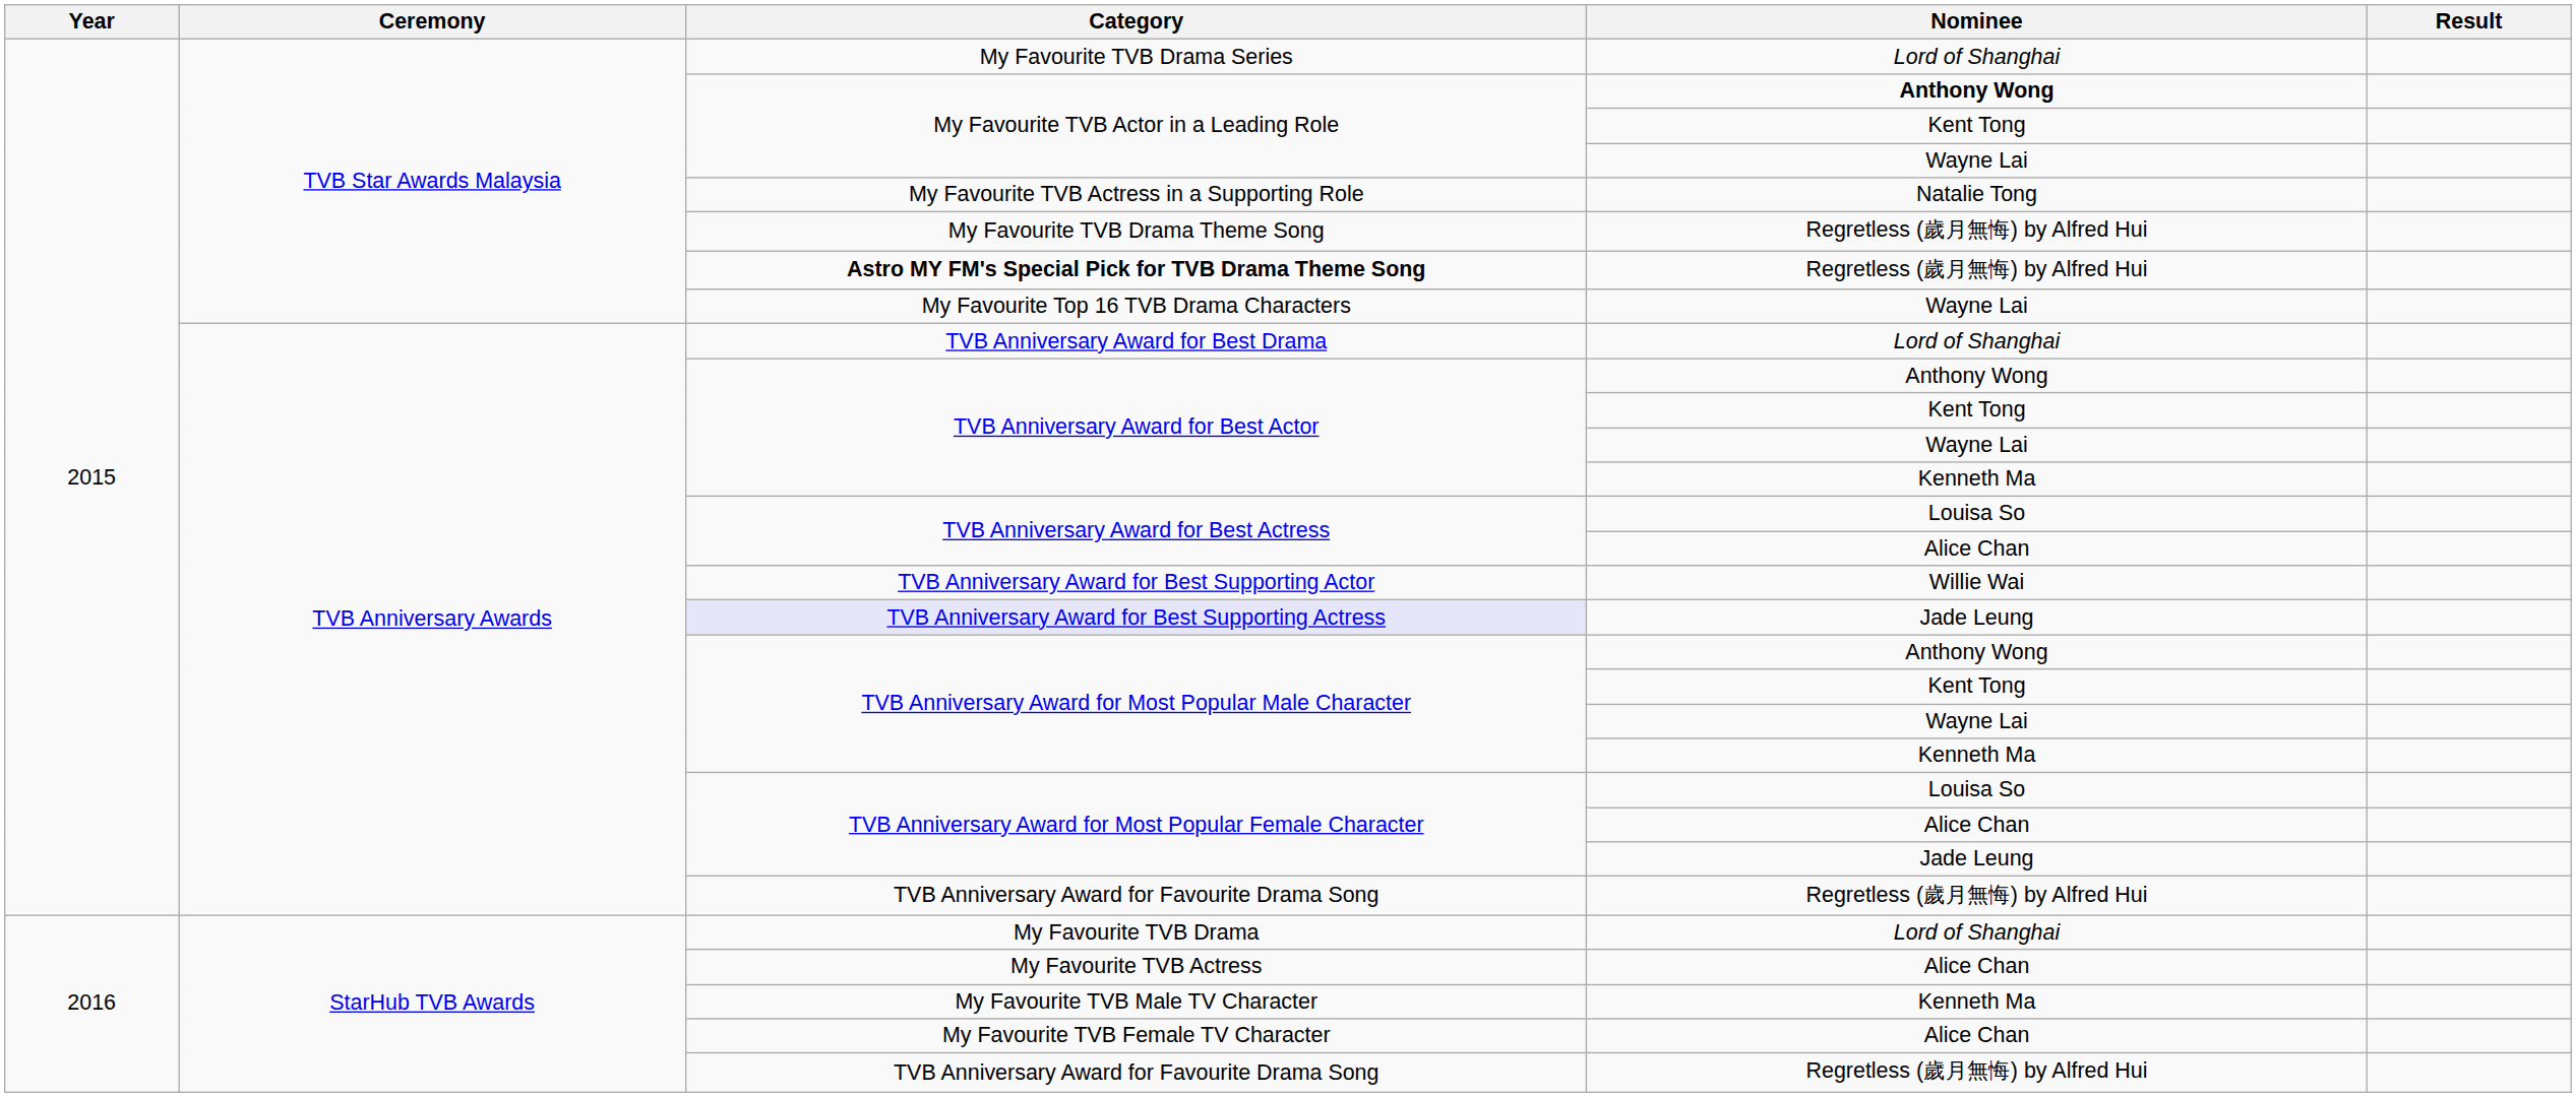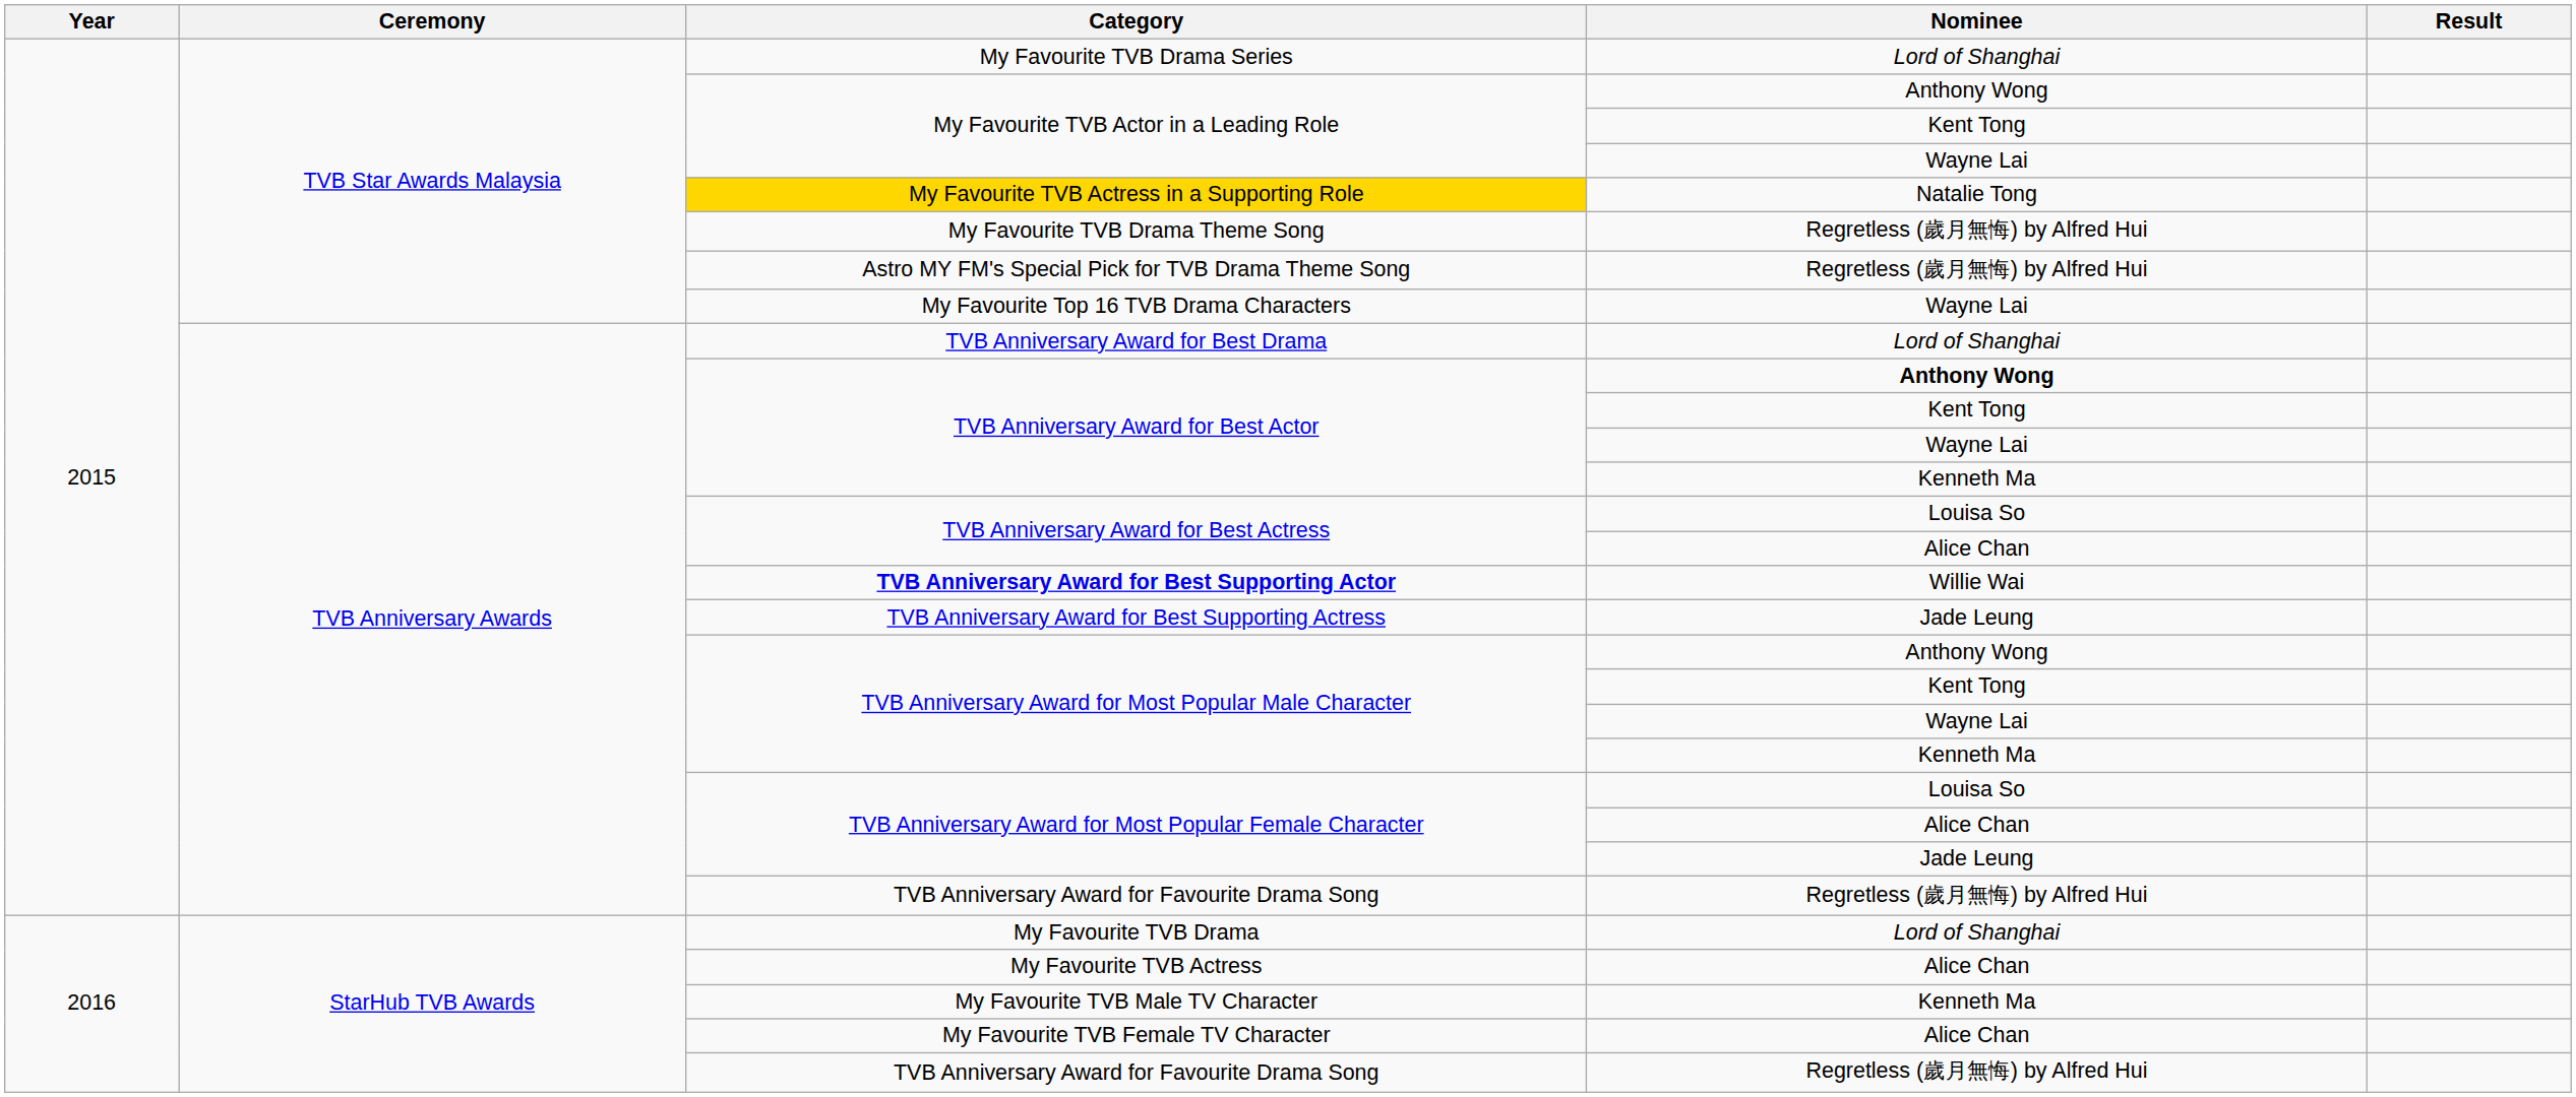 <table class="wikitable" style="width:95%;">
 <tr>
 <th style="width:50px;">Year</th>
 <th style="width:160px;">Ceremony</th>
 <th style="width:290px;">Category</th>
 <th style="width:250px;">Nominee</th>
 <th style="width:60px;">Result</th>
 </tr>
 <tr>
 <td align="center" rowspan=25>2015</td>
 <td align="center" rowspan=8><a href='#'>TVB Star Awards Malaysia</a></td>
 <td align="center">My Favourite TVB Drama Series</td>
 <td align="center"><em>Lord of Shanghai</em></td>
 <td></td>
 </tr>
 <tr>
 <td rowspan= 3 align="center">My Favourite TVB Actor in a Leading Role</td>
-<td align="center"><strong>Anthony Wong</strong></td>
+<td align="center">Anthony Wong</td>
 <td></td>
 </tr>
 <tr>
 <td align="center">Kent Tong</td>
 <td></td>
 </tr>
 <tr>
 <td align="center">Wayne Lai</td>
 <td></td>
 </tr>
 <tr>
-<td align="center">My Favourite TVB Actress in a Supporting Role</td>
+<td align="center" style="background: gold;">My Favourite TVB Actress in a Supporting Role</td>
 <td align="center">Natalie Tong</td>
 <td></td>
 </tr>
 <tr>
 <td align="center">My Favourite TVB Drama Theme Song</td>
 <td align="center">Regretless (歲月無悔) by Alfred Hui</td>
 <td></td>
 </tr>
 <tr>
-<td align="center"><strong>Astro MY FM's Special Pick for TVB Drama Theme Song</strong></td>
+<td align="center">Astro MY FM's Special Pick for TVB Drama Theme Song</td>
 <td align="center">Regretless (歲月無悔) by Alfred Hui</td>
 <td></td>
 </tr>
 <tr>
 <td align="center">My Favourite Top 16 TVB Drama Characters</td>
 <td align="center">Wayne Lai</td>
 <td></td>
 </tr>
 <tr>
 <td align="center" rowspan=17><a href='#'>TVB Anniversary Awards</a></td>
 <td align="center"><a href='#'>TVB Anniversary Award for Best Drama</a></td>
 <td align="center"><em>Lord of Shanghai</em></td>
 <td></td>
 </tr>
 <tr>
 <td rowspan= 4 align="center"><a href='#'>TVB Anniversary Award for Best Actor</a></td>
-<td align="center">Anthony Wong</td>
+<td align="center"><strong>Anthony Wong</strong></td>
 <td></td>
 </tr>
 <tr>
 <td align="center">Kent Tong</td>
 <td></td>
 </tr>
 <tr>
 <td align="center">Wayne Lai</td>
 <td></td>
 </tr>
 <tr>
 <td align="center">Kenneth Ma</td>
 <td></td>
 </tr>
 <tr>
 <td rowspan= 2 align="center"><a href='#'>TVB Anniversary Award for Best Actress</a></td>
 <td align="center">Louisa So</td>
 <td></td>
 </tr>
 <tr>
 <td align="center">Alice Chan</td>
 <td></td>
 </tr>
 <tr>
-<td align="center"><a href='#'>TVB Anniversary Award for Best Supporting Actor</a></td>
+<td align="center"><strong><a href='#'>TVB Anniversary Award for Best Supporting Actor</a></strong></td>
 <td align="center">Willie Wai</td>
 <td></td>
 </tr>
 <tr>
-<td align="center" style="background: lavender;"><a href='#'>TVB Anniversary Award for Best Supporting Actress</a></td>
+<td align="center"><a href='#'>TVB Anniversary Award for Best Supporting Actress</a></td>
 <td align="center">Jade Leung</td>
 <td></td>
 </tr>
 <tr>
 <td rowspan= 4 align="center"><a href='#'>TVB Anniversary Award for Most Popular Male Character</a></td>
 <td align="center">Anthony Wong</td>
 <td></td>
 </tr>
 <tr>
 <td align="center">Kent Tong</td>
 <td></td>
 </tr>
 <tr>
 <td align="center">Wayne Lai</td>
 <td></td>
 </tr>
 <tr>
 <td align="center">Kenneth Ma</td>
 <td></td>
 </tr>
 <tr>
 <td rowspan= 3 align="center"><a href='#'>TVB Anniversary Award for Most Popular Female Character</a></td>
 <td align="center">Louisa So</td>
 <td></td>
 </tr>
 <tr>
 <td align="center">Alice Chan</td>
 <td></td>
 </tr>
 <tr>
 <td align="center">Jade Leung</td>
 <td></td>
 </tr>
 <tr>
 <td align="center">TVB Anniversary Award for Favourite Drama Song</td>
 <td align="center">Regretless (歲月無悔) by Alfred Hui</td>
 <td></td>
 </tr>
 <tr>
 <td align="center" rowspan=5>2016</td>
 <td align="center" rowspan=5><a href='#'>StarHub TVB Awards</a></td>
 <td align="center">My Favourite TVB Drama</td>
 <td align="center"><em>Lord of Shanghai</em></td>
 <td></td>
 </tr>
 <tr>
 <td align="center">My Favourite TVB Actress</td>
 <td align="center">Alice Chan</td>
 <td></td>
 </tr>
 <tr>
 <td align="center">My Favourite TVB Male TV Character</td>
 <td align="center">Kenneth Ma</td>
 <td></td>
 </tr>
 <tr>
 <td align="center">My Favourite TVB Female TV Character</td>
 <td align="center">Alice Chan</td>
 <td></td>
 </tr>
 <tr>
 <td align="center">TVB Anniversary Award for Favourite Drama Song</td>
 <td align="center">Regretless (歲月無悔) by Alfred Hui</td>
 <td></td>
 </tr>
 </table>
